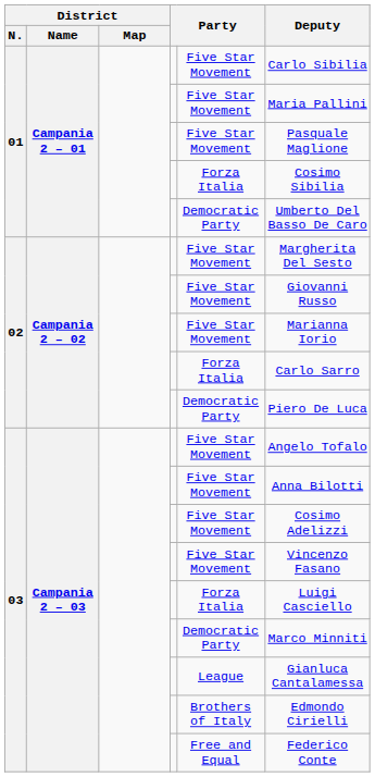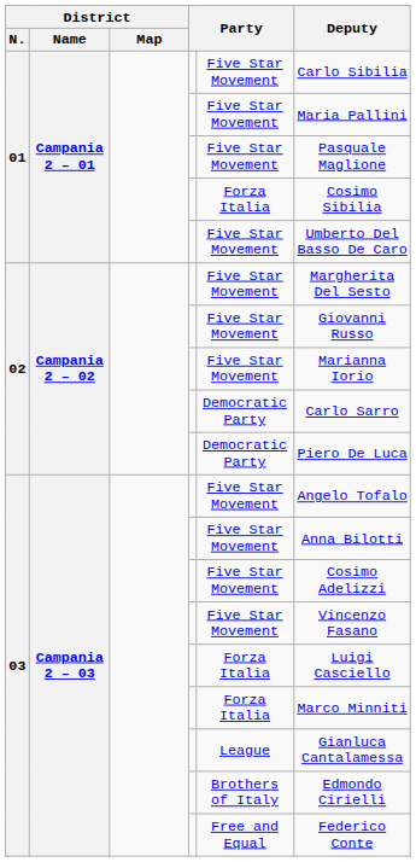 <table class="wikitable" style="text-align:center; style="width=60%">
 <tr>
 <th width=35% colspan="3">District</th>
 <th width=20% colspan="2" rowspan="2">Party</th>
 <th width=25% rowspan="2">Deputy</th>
 </tr>
 <tr>
 <th width=1%>N.</th>
 <th width=18%>Name</th>
 <th width=18%>Map</th>
 </tr>
 <tr style="height:3em;">
 <th rowspan="5">01</th>
 <th rowspan="5"><a href='#'>Campania 2 – 01</a></th>
 <td rowspan="5"></td>
 <td style="background:"></td>
 <td><a href='#'>Five Star Movement</a></td>
 <td><a href='#'>Carlo Sibilia</a></td>
 </tr>
 <tr style="height:3em;">
 <td style="background:"></td>
 <td><a href='#'>Five Star Movement</a></td>
 <td><a href='#'>Maria Pallini</a></td>
 </tr>
 <tr style="height:3em;">
 <td style="background:"></td>
 <td><a href='#'>Five Star Movement</a></td>
 <td><a href='#'>Pasquale Maglione</a></td>
 </tr>
 <tr style="height:3em;">
 <td style="background:"></td>
 <td><a href='#'>Forza Italia</a></td>
 <td><a href='#'>Cosimo Sibilia</a></td>
 </tr>
 <tr style="height:3em;">
 <td style="background:"></td>
-<td><a href='#'>Democratic Party</a></td>
+<td><a href='#'>Five Star Movement</a></td>
 <td><a href='#'>Umberto Del Basso De Caro</a></td>
 </tr>
 <tr style="height:3em;">
 <th rowspan="5">02</th>
 <th rowspan="5"><a href='#'>Campania 2 – 02</a></th>
 <td rowspan="5"></td>
 <td style="background:"></td>
 <td><a href='#'>Five Star Movement</a></td>
 <td><a href='#'>Margherita Del Sesto</a></td>
 </tr>
 <tr style="height:3em;">
 <td style="background:"></td>
 <td><a href='#'>Five Star Movement</a></td>
 <td><a href='#'>Giovanni Russo</a></td>
 </tr>
 <tr style="height:3em;">
 <td style="background:"></td>
 <td><a href='#'>Five Star Movement</a></td>
 <td><a href='#'>Marianna Iorio</a></td>
 </tr>
 <tr style="height:3em;">
 <td style="background:"></td>
-<td><a href='#'>Forza Italia</a></td>
+<td><a href='#'>Democratic Party</a></td>
 <td><a href='#'>Carlo Sarro</a></td>
 </tr>
 <tr style="height:3em;">
 <td style="background:"></td>
 <td><a href='#'>Democratic Party</a></td>
 <td><a href='#'>Piero De Luca</a></td>
 </tr>
 <tr style="height:3em;">
 <th rowspan="9">03</th>
 <th rowspan="9"><a href='#'>Campania 2 – 03</a></th>
 <td rowspan="9"></td>
 <td style="background:"></td>
 <td><a href='#'>Five Star Movement</a></td>
 <td><a href='#'>Angelo Tofalo</a></td>
 </tr>
 <tr style="height:3em;">
 <td style="background:"></td>
 <td><a href='#'>Five Star Movement</a></td>
 <td><a href='#'>Anna Bilotti</a></td>
 </tr>
 <tr style="height:3em;">
 <td style="background:"></td>
 <td><a href='#'>Five Star Movement</a></td>
 <td><a href='#'>Cosimo Adelizzi</a></td>
 </tr>
 <tr style="height:3em;">
 <td style="background:"></td>
 <td><a href='#'>Five Star Movement</a></td>
 <td><a href='#'>Vincenzo Fasano</a></td>
 </tr>
 <tr style="height:3em;">
 <td style="background:"></td>
 <td><a href='#'>Forza Italia</a></td>
 <td><a href='#'>Luigi Casciello</a></td>
 </tr>
 <tr style="height:3em;">
 <td style="background:"></td>
-<td><a href='#'>Democratic Party</a></td>
+<td><a href='#'>Forza Italia</a></td>
 <td><a href='#'>Marco Minniti</a></td>
 </tr>
 <tr style="height:3em;">
 <td style="background:"></td>
 <td><a href='#'>League</a></td>
 <td><a href='#'>Gianluca Cantalamessa</a></td>
 </tr>
 <tr style="height:3em;">
 <td style="background:"></td>
 <td><a href='#'>Brothers of Italy</a></td>
 <td><a href='#'>Edmondo Cirielli</a></td>
 </tr>
 <tr style="height:3em;">
 <td style="background:"></td>
 <td><a href='#'>Free and Equal</a></td>
 <td><a href='#'>Federico Conte</a></td>
 </tr>
 </table>
